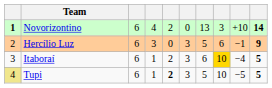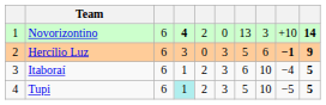 <table class="wikitable" style="text-align: center;">
 <tr>
 <th width=20></th>
 <th width=165>Team</th>
 <th width=20></th>
 <th width=20></th>
 <th width=20></th>
 <th width=20></th>
 <th width=20></th>
 <th width=20></th>
 <th width=20></th>
 <th width=20></th>
 </tr>
 <tr bgcolor=#ccffcc>
-<td><strong>1</strong></td>
+<td>1</td>
 <td align=left> <a href='#'>Novorizontino</a></td>
 <td>6</td>
-<td>4</td>
+<td><strong>4</strong></td>
 <td>2</td>
 <td>0</td>
 <td>13</td>
 <td>3</td>
 <td>+10</td>
 <td><strong>14</strong></td>
 </tr>
 <tr bgcolor=#ffcc99>
 <td>2</td>
 <td align=left> <a href='#'>Hercílio Luz</a></td>
 <td>6</td>
 <td>3</td>
 <td>0</td>
 <td>3</td>
 <td>5</td>
 <td>6</td>
-<td>−1</td>
+<td><strong>−1</strong></td>
 <td><strong>9</strong></td>
 </tr>
 <tr>
 <td>3</td>
 <td align=left> <a href='#'>Itaboraí</a></td>
 <td>6</td>
 <td>1</td>
 <td>2</td>
 <td>3</td>
 <td>6</td>
-<td style="background: gold;">10</td>
+<td>10</td>
 <td>−4</td>
 <td><strong>5</strong></td>
 </tr>
 <tr>
-<td style="background: khaki;">4</td>
+<td>4</td>
 <td align=left> <a href='#'>Tupi</a></td>
 <td>6</td>
-<td>1</td>
-<td><strong>2</strong></td>
+<td style="background: paleturquoise;">1</td>
+<td>2</td>
 <td>3</td>
 <td>5</td>
 <td>10</td>
 <td>−5</td>
 <td><strong>5</strong></td>
 </tr>
 </table>
